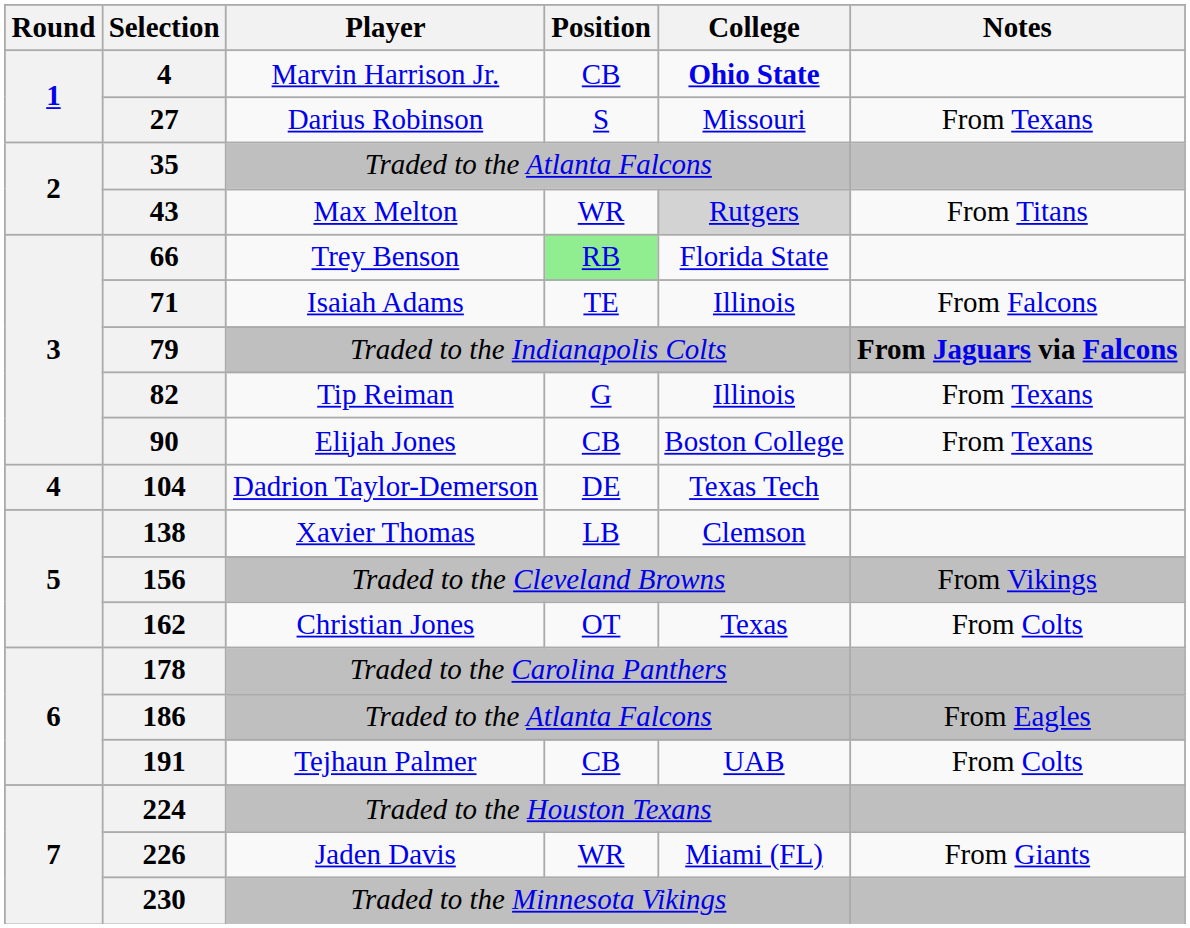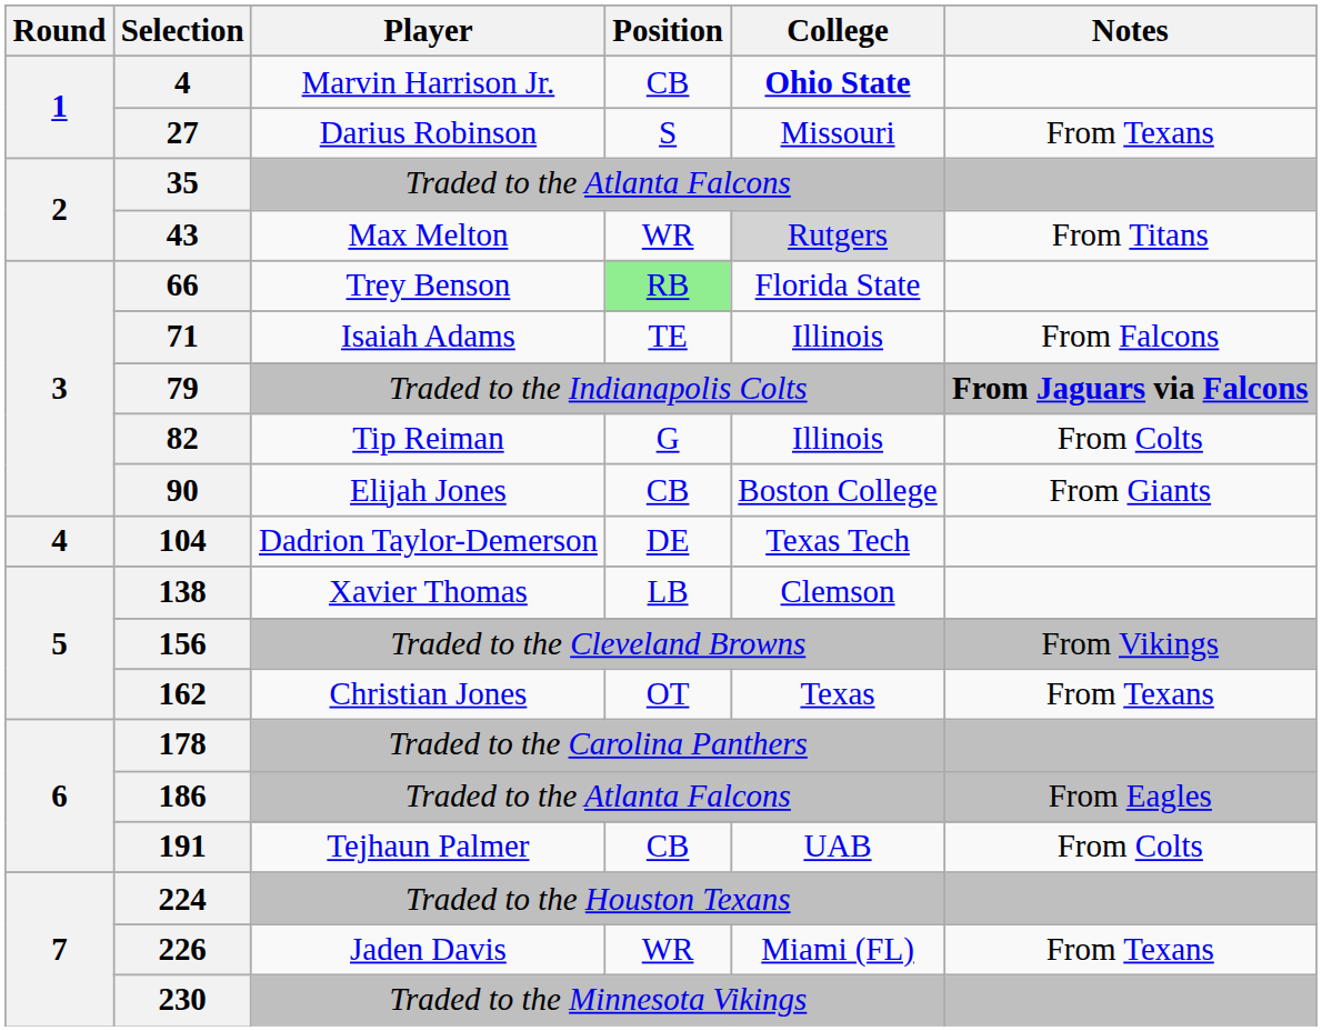 <table class="wikitable" style="text-align:center">
 <tr>
 <th>Round</th>
 <th>Selection</th>
 <th>Player</th>
 <th>Position</th>
 <th>College</th>
 <th>Notes</th>
 </tr>
 <tr>
 <th rowspan="2"><a href='#'>1</a></th>
 <th>4</th>
 <td><a href='#'>Marvin Harrison Jr.</a></td>
 <td><a href='#'>CB</a></td>
 <td><strong><a href='#'>Ohio State</a></strong></td>
 <td></td>
 </tr>
 <tr>
 <th>27</th>
 <td><a href='#'>Darius Robinson</a></td>
 <td><a href='#'>S</a></td>
 <td><a href='#'>Missouri</a></td>
 <td>From <a href='#'>Texans</a></td>
 </tr>
 <tr>
 <th rowspan="2">2</th>
 <th>35</th>
 <td colspan="3" style="background:#BFBFBF"><em>Traded to the <a href='#'>Atlanta Falcons</a></em></td>
 <td style="background:#BFBFBF"></td>
 </tr>
 <tr>
 <th>43</th>
 <td><a href='#'>Max Melton</a></td>
 <td><a href='#'>WR</a></td>
 <td style="background: lightgrey;"><a href='#'>Rutgers</a></td>
 <td>From <a href='#'>Titans</a></td>
 </tr>
 <tr>
 <th rowspan="5">3</th>
 <th>66</th>
 <td><a href='#'>Trey Benson</a></td>
 <td style="background: lightgreen;"><a href='#'>RB</a></td>
 <td><a href='#'>Florida State</a></td>
 <td></td>
 </tr>
 <tr>
 <th>71</th>
 <td><a href='#'>Isaiah Adams</a></td>
 <td><a href='#'>TE</a></td>
 <td><a href='#'>Illinois</a></td>
 <td>From <a href='#'>Falcons</a></td>
 </tr>
 <tr>
 <th>79</th>
 <td colspan="3" style="background:#BFBFBF"><em>Traded to the <a href='#'>Indianapolis Colts</a></em></td>
 <td style="background:#BFBFBF"><strong>From <a href='#'>Jaguars</a> via <a href='#'>Falcons</a></strong></td>
 </tr>
 <tr>
 <th>82</th>
 <td><a href='#'>Tip Reiman</a></td>
 <td><a href='#'>G</a></td>
 <td><a href='#'>Illinois</a></td>
-<td>From <a href='#'>Texans</a></td>
+<td>From <a href='#'>Colts</a></td>
 </tr>
 <tr>
 <th>90</th>
 <td><a href='#'>Elijah Jones</a></td>
 <td><a href='#'>CB</a></td>
 <td><a href='#'>Boston College</a></td>
-<td>From <a href='#'>Texans</a></td>
+<td>From <a href='#'>Giants</a></td>
 </tr>
 <tr>
 <th>4</th>
 <th>104</th>
 <td><a href='#'>Dadrion Taylor-Demerson</a></td>
 <td><a href='#'>DE</a></td>
 <td><a href='#'>Texas Tech</a></td>
 <td></td>
 </tr>
 <tr>
 <th rowspan="3">5</th>
 <th>138</th>
 <td><a href='#'>Xavier Thomas</a></td>
 <td><a href='#'>LB</a></td>
 <td><a href='#'>Clemson</a></td>
 <td></td>
 </tr>
 <tr>
 <th>156</th>
 <td colspan="3" style="background:#BFBFBF"><em>Traded to the <a href='#'>Cleveland Browns</a></em></td>
 <td style="background:#BFBFBF">From <a href='#'>Vikings</a></td>
 </tr>
 <tr>
 <th>162</th>
 <td><a href='#'>Christian Jones</a></td>
 <td><a href='#'>OT</a></td>
 <td><a href='#'>Texas</a></td>
-<td>From <a href='#'>Colts</a></td>
+<td>From <a href='#'>Texans</a></td>
 </tr>
 <tr>
 <th rowspan="3">6</th>
 <th>178</th>
 <td colspan="3" style="background:#BFBFBF"><em>Traded to the <a href='#'>Carolina Panthers</a></em></td>
 <td style="background:#BFBFBF"></td>
 </tr>
 <tr>
 <th>186</th>
 <td colspan="3" style="background:#BFBFBF"><em>Traded to the <a href='#'>Atlanta Falcons</a></em></td>
 <td style="background:#BFBFBF">From <a href='#'>Eagles</a></td>
 </tr>
 <tr>
 <th>191</th>
 <td><a href='#'>Tejhaun Palmer</a></td>
 <td><a href='#'>CB</a></td>
 <td><a href='#'>UAB</a></td>
 <td>From <a href='#'>Colts</a></td>
 </tr>
 <tr>
 <th rowspan="3">7</th>
 <th>224</th>
 <td colspan="3" style="background:#BFBFBF"><em>Traded to the <a href='#'>Houston Texans</a></em></td>
 <td style="background:#BFBFBF"></td>
 </tr>
 <tr>
 <th>226</th>
 <td><a href='#'>Jaden Davis</a></td>
 <td><a href='#'>WR</a></td>
 <td><a href='#'>Miami (FL)</a></td>
-<td>From <a href='#'>Giants</a></td>
+<td>From <a href='#'>Texans</a></td>
 </tr>
 <tr>
 <th>230</th>
 <td colspan="3" style="background:#BFBFBF"><em>Traded to the <a href='#'>Minnesota Vikings</a></em></td>
 <td style="background:#BFBFBF"></td>
 </tr>
 </table>
